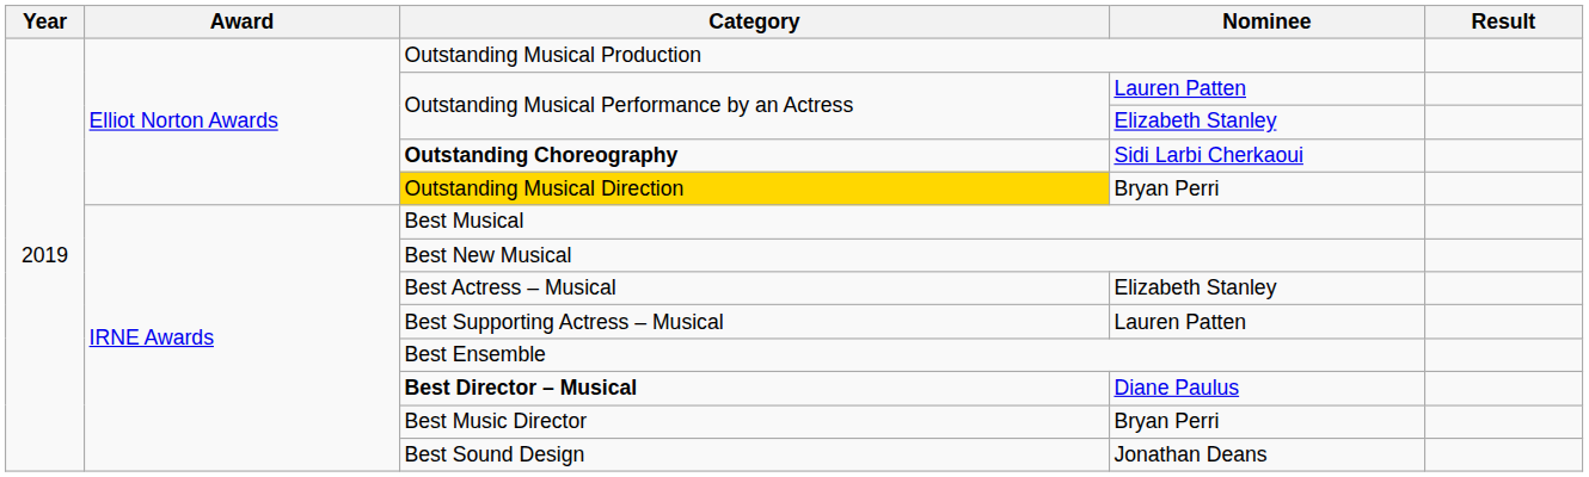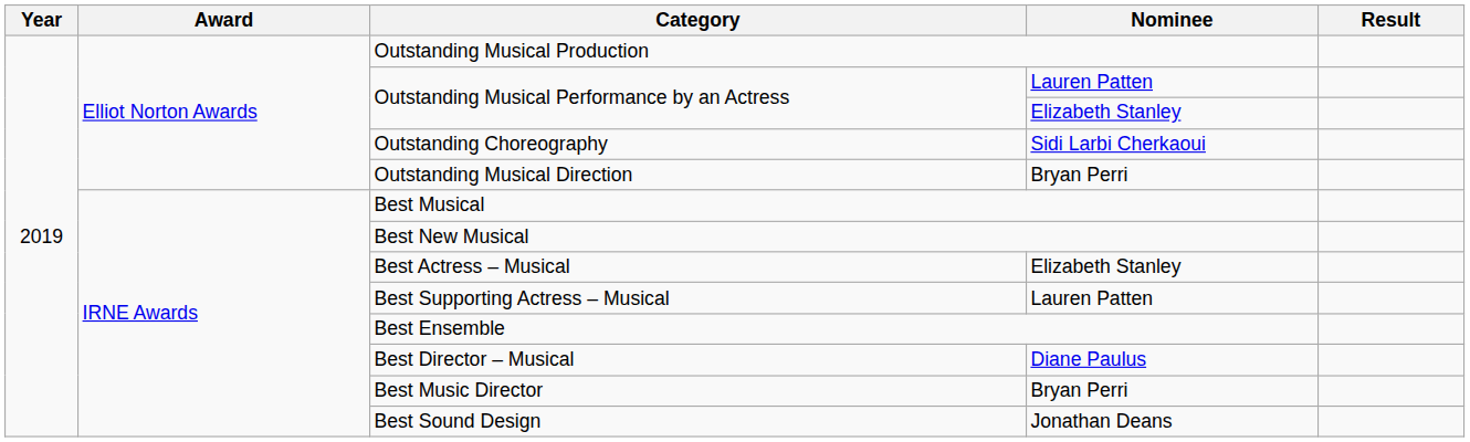 <table class="wikitable" width="95%">
 <tr>
 <th width="5%">Year</th>
 <th width="20%">Award</th>
 <th width="45%">Category</th>
 <th width="20%">Nominee</th>
 <th width="10%">Result</th>
 </tr>
 <tr>
 <td rowspan="13" align=center>2019</td>
 <td rowspan="5"><a href='#'>Elliot Norton Awards</a></td>
 <td colspan="2">Outstanding Musical Production</td>
 <td></td>
 </tr>
 <tr>
 <td rowspan="2">Outstanding Musical Performance by an Actress</td>
 <td><a href='#'>Lauren Patten</a></td>
 <td></td>
 </tr>
 <tr>
 <td><a href='#'>Elizabeth Stanley</a></td>
 <td></td>
 </tr>
 <tr>
-<td><strong>Outstanding Choreography</strong></td>
+<td>Outstanding Choreography</td>
 <td><a href='#'>Sidi Larbi Cherkaoui</a></td>
 <td></td>
 </tr>
 <tr>
-<td style="background: gold;">Outstanding Musical Direction</td>
+<td>Outstanding Musical Direction</td>
 <td>Bryan Perri</td>
 <td></td>
 </tr>
 <tr>
 <td rowspan="8"><a href='#'>IRNE Awards</a></td>
 <td colspan="2">Best Musical</td>
 <td></td>
 </tr>
 <tr>
 <td colspan="2">Best New Musical</td>
 <td></td>
 </tr>
 <tr>
 <td>Best Actress – Musical</td>
 <td>Elizabeth Stanley</td>
 <td></td>
 </tr>
 <tr>
 <td>Best Supporting Actress – Musical</td>
 <td>Lauren Patten</td>
 <td></td>
 </tr>
 <tr>
 <td colspan="2">Best Ensemble</td>
 <td></td>
 </tr>
 <tr>
-<td><strong>Best Director – Musical</strong></td>
+<td>Best Director – Musical</td>
 <td><a href='#'>Diane Paulus</a></td>
 <td></td>
 </tr>
 <tr>
 <td>Best Music Director</td>
 <td>Bryan Perri</td>
 <td></td>
 </tr>
 <tr>
 <td>Best Sound Design</td>
 <td>Jonathan Deans</td>
 <td></td>
 </tr>
 </table>
